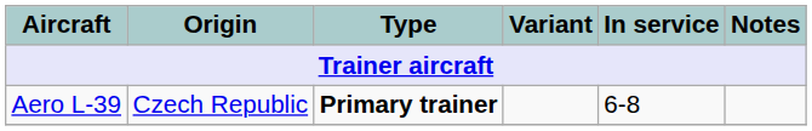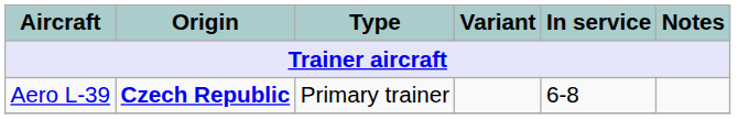 <table class="wikitable">
 <tr>
 <th style="text-align:center; background:#acc;">Aircraft</th>
 <th style="text-align: center; background:#acc;">Origin</th>
 <th style="text-align:l center; background:#acc;">Type</th>
 <th style="text-align:left; background:#acc;">Variant</th>
 <th style="text-align:center; background:#acc;">In service</th>
 <th style="text-align: center; background:#acc;">Notes</th>
 </tr>
 <tr>
 <th style="align: center; background: lavender;" colspan="7"><a href='#'>Trainer aircraft</a></th>
 </tr>
 <tr>
 <td><a href='#'>Aero L-39</a></td>
-<td><a href='#'>Czech Republic</a></td>
-<td><strong>Primary trainer</strong></td>
+<td><strong><a href='#'>Czech Republic</a></strong></td>
+<td>Primary trainer</td>
 <td></td>
 <td>6-8</td>
 <td></td>
 </tr>
 <tr>
 </tr>
 </table>
